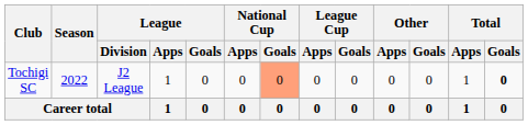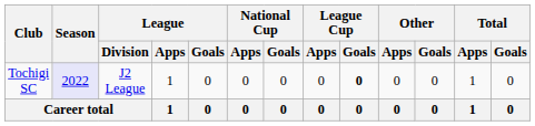 <table class="wikitable" style="text-align: center">
 <tr>
 <th rowspan="2">Club</th>
 <th rowspan="2">Season</th>
 <th colspan="3">League</th>
 <th colspan="2">National Cup</th>
 <th colspan="2">League Cup</th>
 <th colspan="2">Other</th>
 <th colspan="2">Total</th>
 </tr>
 <tr>
 <th>Division</th>
 <th>Apps</th>
 <th>Goals</th>
 <th>Apps</th>
 <th>Goals</th>
 <th>Apps</th>
 <th>Goals</th>
 <th>Apps</th>
 <th>Goals</th>
 <th>Apps</th>
 <th>Goals</th>
 </tr>
 <tr>
 <td><a href='#'>Tochigi SC</a></td>
-<td><a href='#'>2022</a></td>
+<td style="background: lavender;"><a href='#'>2022</a></td>
 <td><a href='#'>J2 League</a></td>
 <td>1</td>
 <td>0</td>
 <td>0</td>
-<td style="background: lightsalmon;">0</td>
 <td>0</td>
 <td>0</td>
+<td><strong>0</strong></td>
 <td>0</td>
 <td>0</td>
 <td>1</td>
-<td><strong>0</strong></td>
+<td>0</td>
 </tr>
 <tr>
 <th colspan=3>Career total</th>
 <th>1</th>
 <th>0</th>
 <th>0</th>
 <th>0</th>
 <th>0</th>
 <th>0</th>
 <th>0</th>
 <th>0</th>
 <th>1</th>
 <th>0</th>
 </tr>
 </table>
